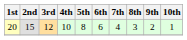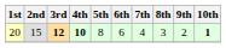 <table class="wikitable" style="font-size: 85%; text-align:center">
 <tr>
 <th>1st</th>
 <th>2nd</th>
 <th>3rd</th>
 <th>4th</th>
 <th>5th</th>
 <th>6th</th>
 <th>7th</th>
 <th>8th</th>
 <th>9th</th>
 <th>10th</th>
 </tr>
 <tr>
 <td style="background:#FFFFBF;">20</td>
 <td style="background:#DFDFDF;">15</td>
-<td style="background:#FFDF9F;">12</td>
-<td style="background:#DFFFDF;">10</td>
+<td style="background:#FFDF9F;"><strong>12</strong></td>
+<td style="background:#DFFFDF;"><strong>10</strong></td>
 <td style="background:#DFFFDF;">8</td>
 <td style="background:#DFFFDF;">6</td>
 <td style="background:#DFFFDF;">4</td>
 <td style="background:#DFFFDF;">3</td>
 <td style="background:#DFFFDF;">2</td>
-<td style="background:#DFFFDF;">1</td>
+<td style="background:#DFFFDF;"><strong>1</strong></td>
 </tr>
 <tr>
 </tr>
 </table>
